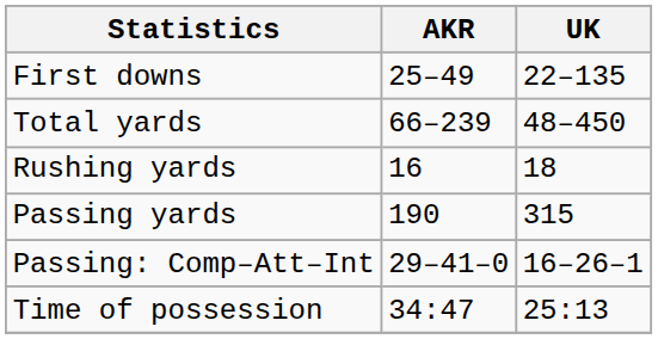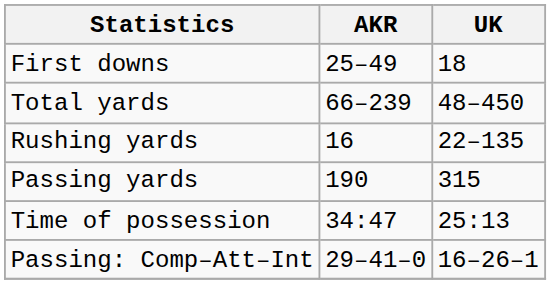 <table class="wikitable" style="float: left;">
 <tr>
 <th>Statistics</th>
 <th>AKR</th>
 <th>UK</th>
 </tr>
 <tr>
 <td>First downs</td>
 <td>25–49</td>
-<td>22–135</td>
+<td>18</td>
 </tr>
 <tr>
 <td>Total yards</td>
 <td>66–239</td>
 <td>48–450</td>
 </tr>
 <tr>
 <td>Rushing yards</td>
 <td>16</td>
-<td>18</td>
+<td>22–135</td>
 </tr>
 <tr>
 <td>Passing yards</td>
 <td>190</td>
 <td>315</td>
 </tr>
 <tr>
+<td>Time of possession</td>
+<td>34:47</td>
+<td>25:13</td>
+</tr>
+<tr>
 <td>Passing: Comp–Att–Int</td>
 <td>29–41–0</td>
 <td>16–26–1</td>
 </tr>
 <tr>
-<td>Time of possession</td>
-<td>34:47</td>
-<td>25:13</td>
-</tr>
-<tr>
 </tr>
 </table>
